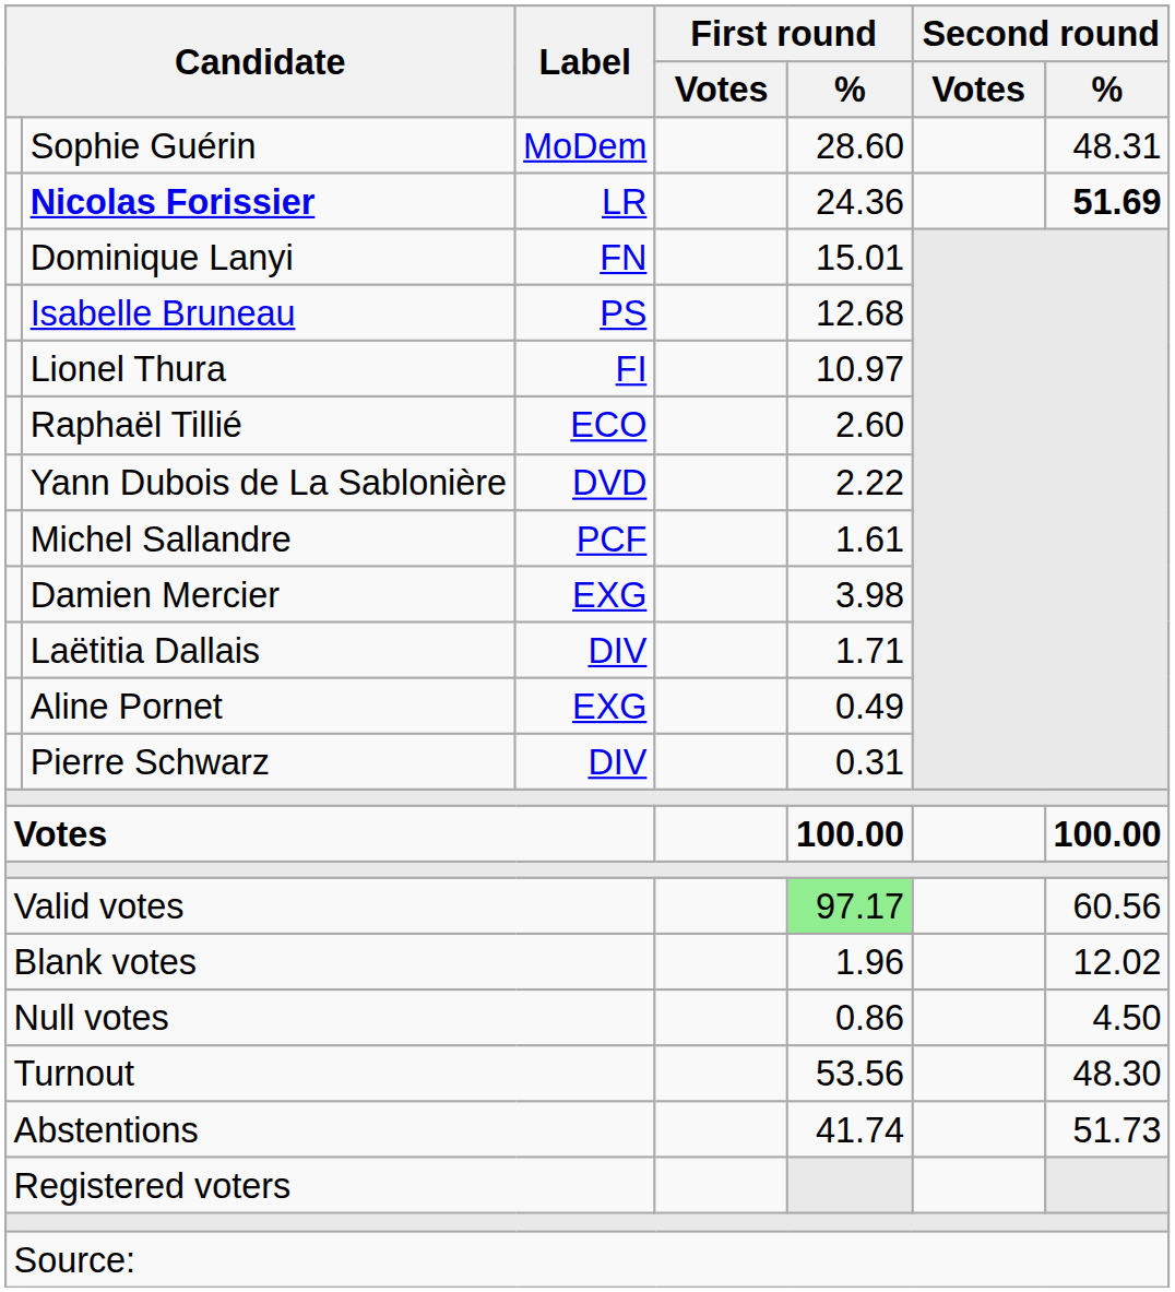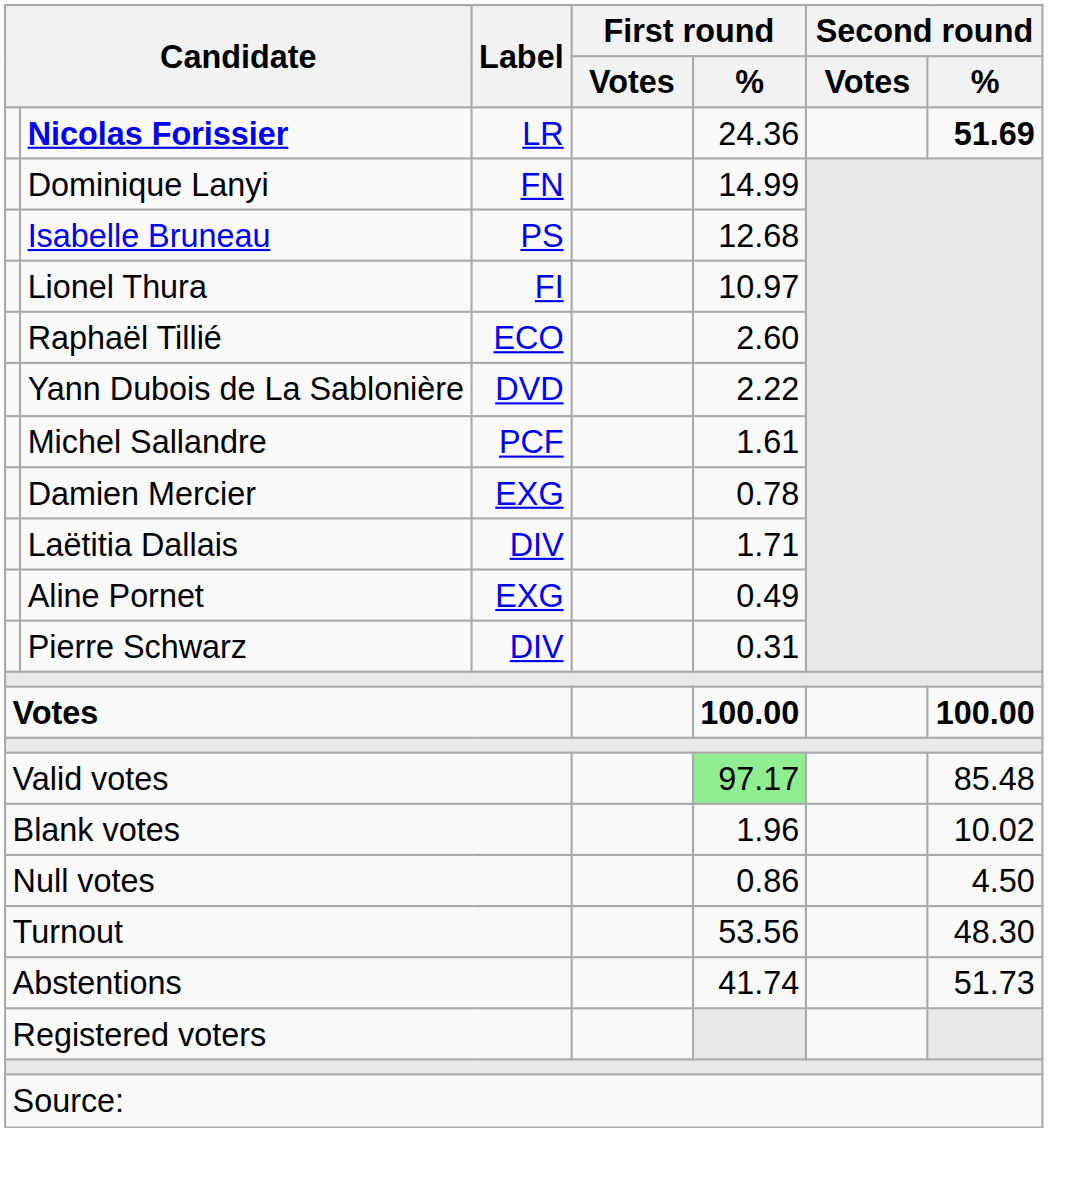 <table class="wikitable" style="text-align:right;font-size:95%;">
 <tr>
 <th rowspan="2" colspan="2">Candidate</th>
 <th rowspan="2">Label</th>
 <th colspan="2">First round</th>
 <th colspan="2">Second round</th>
 </tr>
 <tr>
 <th style="width:50px;">Votes</th>
 <th style="width:45px;">%</th>
 <th style="width:50px;">Votes</th>
 <th style="width:45px;">%</th>
 </tr>
 <tr>
 <td style="color:inherit;background:"></td>
-<td style="text-align:left;">Sophie Guérin</td>
-<td><a href='#'>MoDem</a></td>
-<td></td>
-<td>28.60</td>
-<td></td>
-<td>48.31</td>
-</tr>
-<tr>
-<td style="color:inherit;background:"></td>
 <td style="text-align:left;"><strong><a href='#'>Nicolas Forissier</a></strong></td>
 <td><a href='#'>LR</a></td>
 <td></td>
 <td>24.36</td>
 <td><strong></strong></td>
 <td><strong>51.69</strong></td>
 </tr>
 <tr>
 <td style="color:inherit;background:"></td>
 <td style="text-align:left;">Dominique Lanyi</td>
 <td><a href='#'>FN</a></td>
 <td></td>
-<td>15.01</td>
+<td>14.99</td>
 <td colspan="2" rowspan="10" style="background:#E9E9E9;"></td>
 </tr>
 <tr>
 <td style="color:inherit;background:"></td>
 <td style="text-align:left;"><a href='#'>Isabelle Bruneau</a></td>
 <td><a href='#'>PS</a></td>
 <td></td>
 <td>12.68</td>
 </tr>
 <tr>
 <td style="color:inherit;background:"></td>
 <td style="text-align:left;">Lionel Thura</td>
 <td><a href='#'>FI</a></td>
 <td></td>
 <td>10.97</td>
 </tr>
 <tr>
 <td style="color:inherit;background:"></td>
 <td style="text-align:left;">Raphaël Tillié</td>
 <td><a href='#'>ECO</a></td>
 <td></td>
 <td>2.60</td>
 </tr>
 <tr>
 <td style="color:inherit;background:"></td>
 <td style="text-align:left;">Yann Dubois de La Sablonière</td>
 <td><a href='#'>DVD</a></td>
 <td></td>
 <td>2.22</td>
 </tr>
 <tr>
 <td style="color:inherit;background:"></td>
 <td style="text-align:left;">Michel Sallandre</td>
 <td><a href='#'>PCF</a></td>
 <td></td>
 <td>1.61</td>
 </tr>
 <tr>
 <td style="color:inherit;background:"></td>
 <td style="text-align:left;">Damien Mercier</td>
 <td><a href='#'>EXG</a></td>
 <td></td>
-<td>3.98</td>
+<td>0.78</td>
 </tr>
 <tr>
 <td style="color:inherit;background:"></td>
 <td style="text-align:left;">Laëtitia Dallais</td>
 <td><a href='#'>DIV</a></td>
 <td></td>
 <td>1.71</td>
 </tr>
 <tr>
 <td style="color:inherit;background:"></td>
 <td style="text-align:left;">Aline Pornet</td>
 <td><a href='#'>EXG</a></td>
 <td></td>
 <td>0.49</td>
 </tr>
 <tr>
 <td style="color:inherit;background:"></td>
 <td style="text-align:left;">Pierre Schwarz</td>
 <td><a href='#'>DIV</a></td>
 <td></td>
 <td>0.31</td>
 </tr>
 <tr>
 <td colspan="7" style="background:#E9E9E9;"></td>
 </tr>
 <tr style="font-weight:bold;">
 <td colspan="3" style="text-align:left;">Votes</td>
 <td></td>
 <td>100.00</td>
 <td></td>
 <td>100.00</td>
 </tr>
 <tr>
 <td colspan="7" style="background:#E9E9E9;"></td>
 </tr>
 <tr>
 <td colspan="3" style="text-align:left;">Valid votes</td>
 <td></td>
 <td style="background: lightgreen;">97.17</td>
 <td></td>
-<td>60.56</td>
+<td>85.48</td>
 </tr>
 <tr>
 <td colspan="3" style="text-align:left;">Blank votes</td>
 <td></td>
 <td>1.96</td>
 <td></td>
-<td>12.02</td>
+<td>10.02</td>
 </tr>
 <tr>
 <td colspan="3" style="text-align:left;">Null votes</td>
 <td></td>
 <td>0.86</td>
 <td></td>
 <td>4.50</td>
 </tr>
 <tr>
 <td colspan="3" style="text-align:left;">Turnout</td>
 <td></td>
 <td>53.56</td>
 <td></td>
 <td>48.30</td>
 </tr>
 <tr>
 <td colspan="3" style="text-align:left;">Abstentions</td>
 <td></td>
 <td>41.74</td>
 <td></td>
 <td>51.73</td>
 </tr>
 <tr>
 <td colspan="3" style="text-align:left;">Registered voters</td>
 <td></td>
 <td style="color:inherit;background:#E9E9E9;"></td>
 <td></td>
 <td style="color:inherit;background:#E9E9E9;"></td>
 </tr>
 <tr>
 <td colspan="7" style="background:#E9E9E9;"></td>
 </tr>
 <tr>
 <td colspan="7" style="text-align:left;">Source: </td>
 </tr>
 </table>
